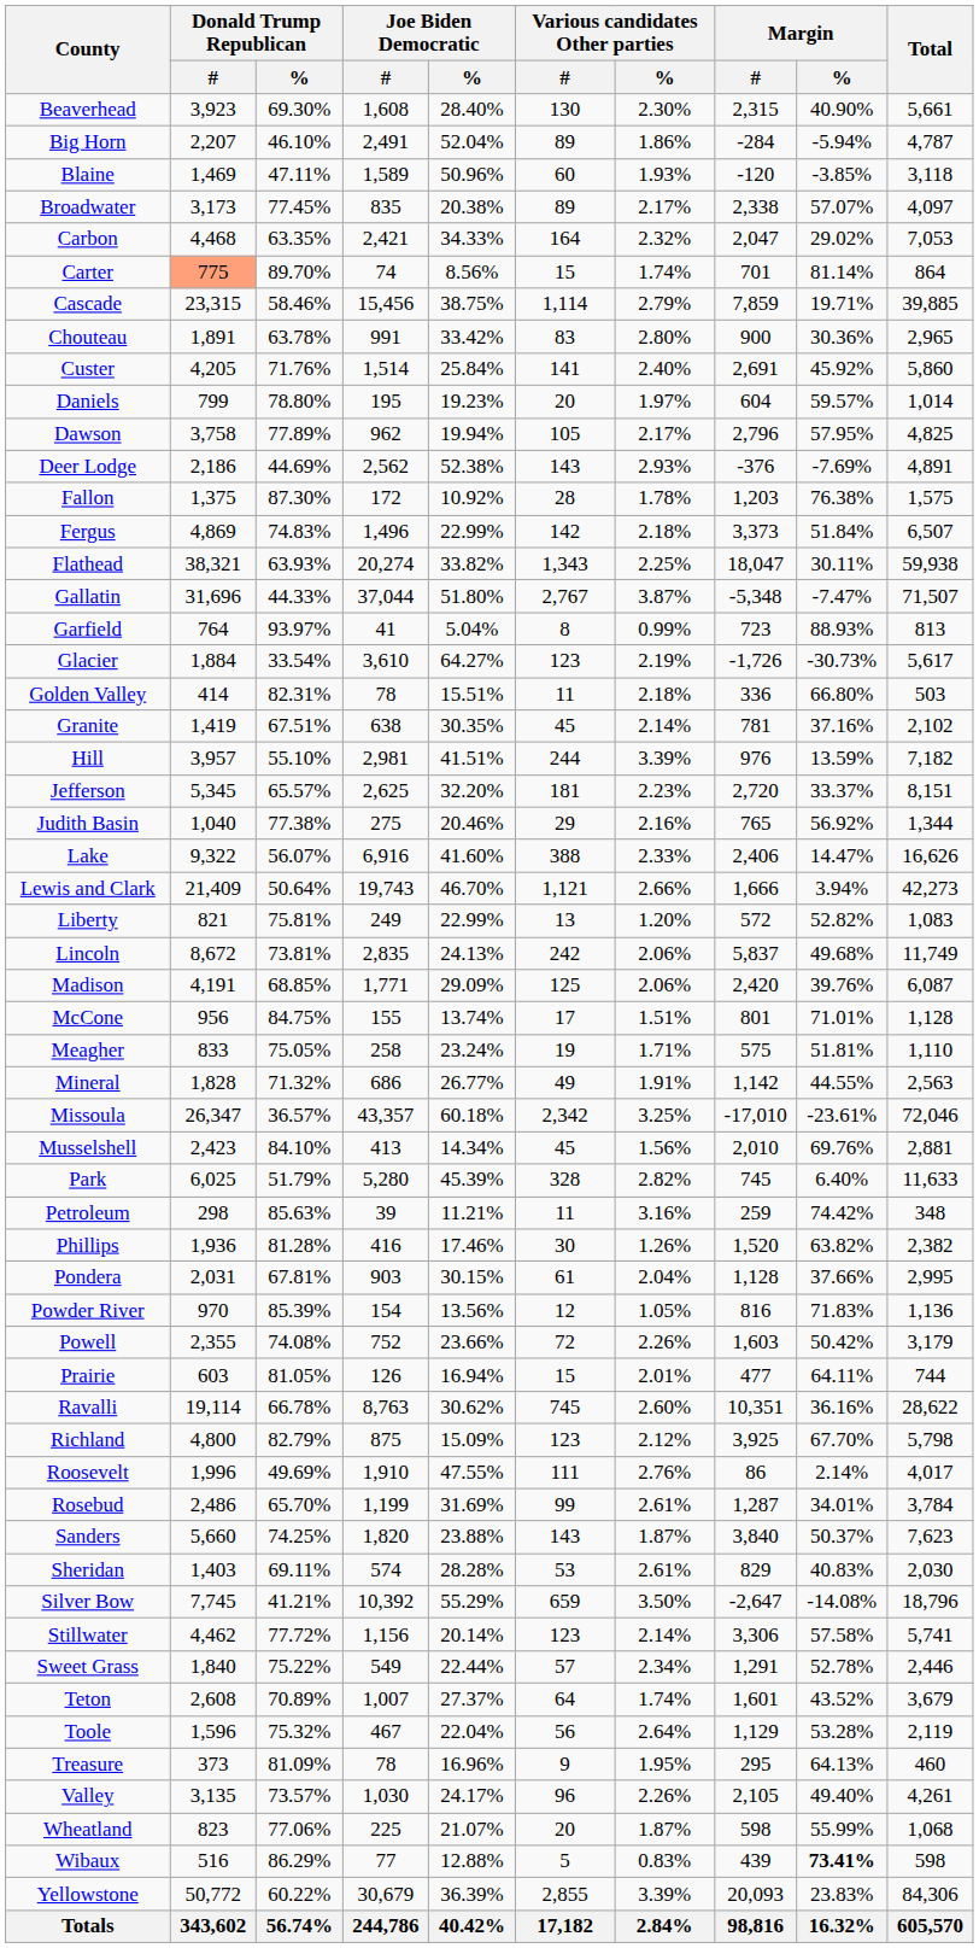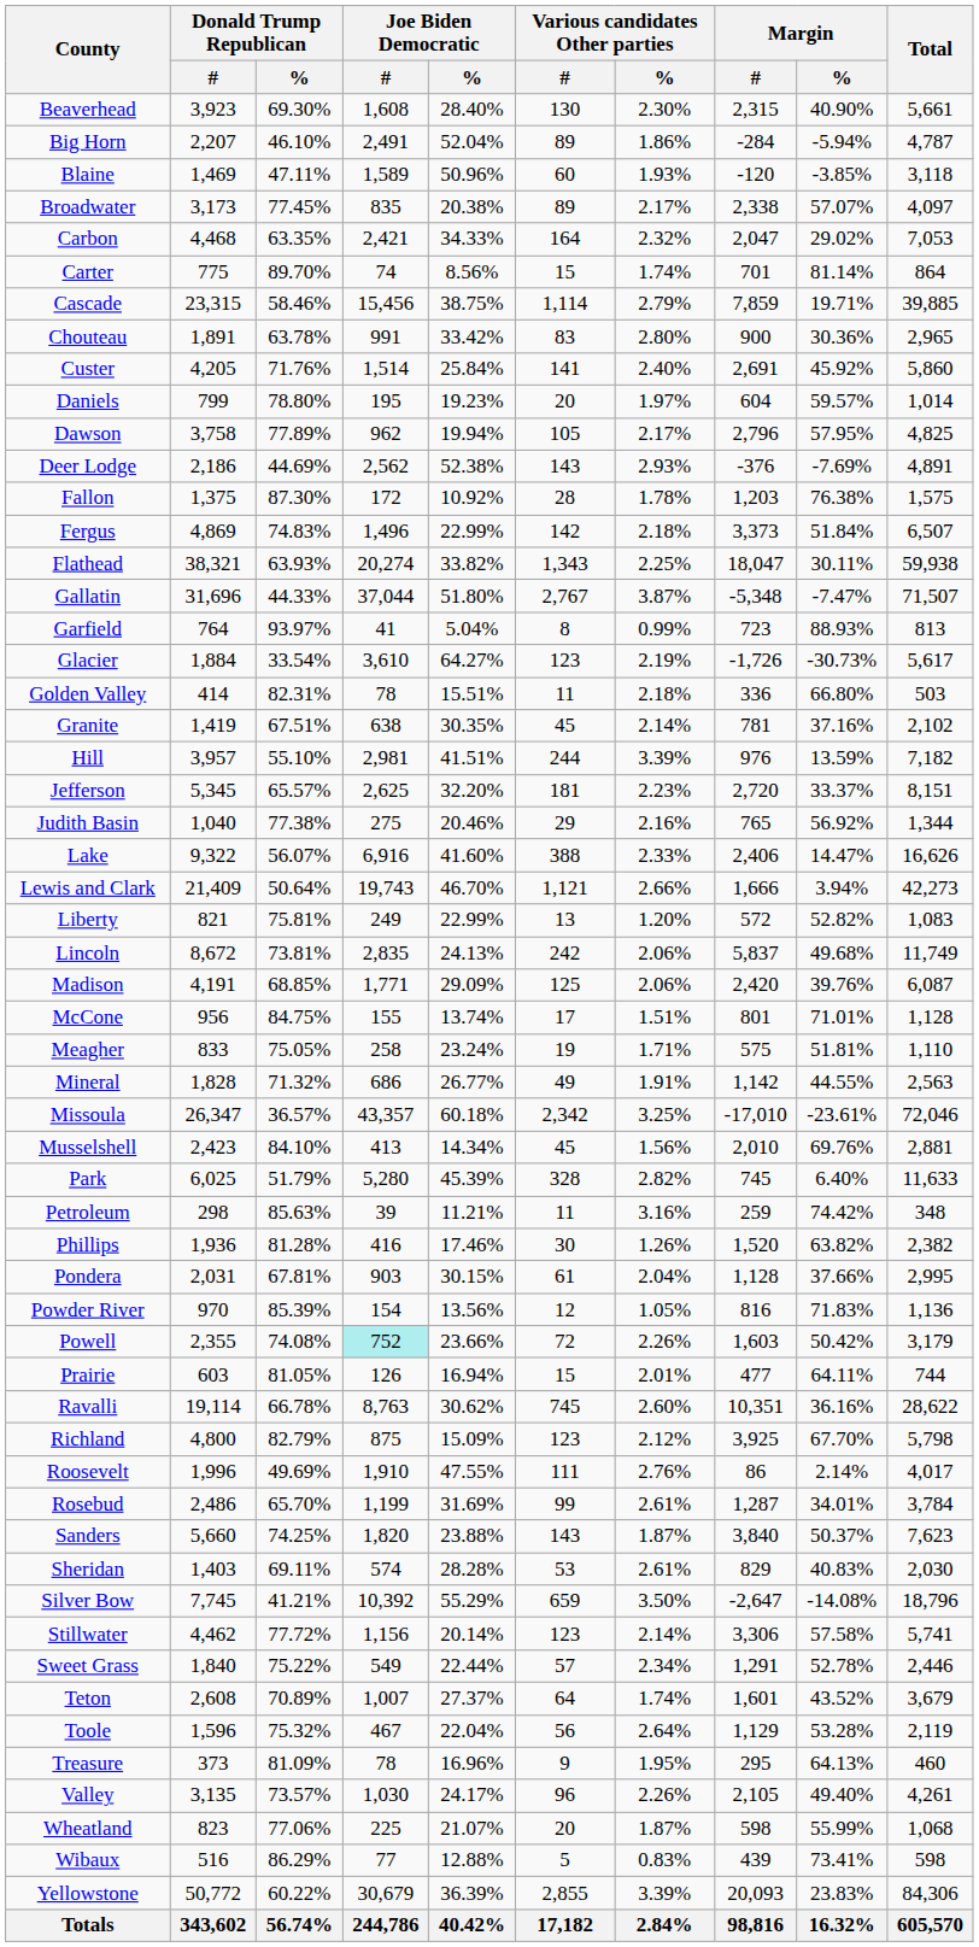 <table width="60%" class="wikitable sortable">
 <tr>
 <th rowspan="2">County</th>
 <th colspan="2">Donald Trump<br>Republican</th>
 <th colspan="2">Joe Biden<br>Democratic</th>
 <th colspan="2">Various candidates<br>Other parties</th>
 <th colspan="2">Margin</th>
 <th rowspan="2">Total</th>
 </tr>
 <tr>
 <th style="text-align:center;" data-sort-type="number">#</th>
 <th style="text-align:center;" data-sort-type="number">%</th>
 <th style="text-align:center;" data-sort-type="number">#</th>
 <th style="text-align:center;" data-sort-type="number">%</th>
 <th style="text-align:center;" data-sort-type="number">#</th>
 <th style="text-align:center;" data-sort-type="number">%</th>
 <th style="text-align:center;" data-sort-type="number">#</th>
 <th style="text-align:center;" data-sort-type="number">%</th>
 </tr>
 <tr style="text-align:center;">
 <td><a href='#'>Beaverhead</a></td>
 <td>3,923</td>
 <td>69.30%</td>
 <td>1,608</td>
 <td>28.40%</td>
 <td>130</td>
 <td>2.30%</td>
 <td>2,315</td>
 <td>40.90%</td>
 <td>5,661</td>
 </tr>
 <tr style="text-align:center;">
 <td><a href='#'>Big Horn</a></td>
 <td>2,207</td>
 <td>46.10%</td>
 <td>2,491</td>
 <td>52.04%</td>
 <td>89</td>
 <td>1.86%</td>
 <td>-284</td>
 <td>-5.94%</td>
 <td>4,787</td>
 </tr>
 <tr style="text-align:center;">
 <td><a href='#'>Blaine</a></td>
 <td>1,469</td>
 <td>47.11%</td>
 <td>1,589</td>
 <td>50.96%</td>
 <td>60</td>
 <td>1.93%</td>
 <td>-120</td>
 <td>-3.85%</td>
 <td>3,118</td>
 </tr>
 <tr style="text-align:center;">
 <td><a href='#'>Broadwater</a></td>
 <td>3,173</td>
 <td>77.45%</td>
 <td>835</td>
 <td>20.38%</td>
 <td>89</td>
 <td>2.17%</td>
 <td>2,338</td>
 <td>57.07%</td>
 <td>4,097</td>
 </tr>
 <tr style="text-align:center;">
 <td><a href='#'>Carbon</a></td>
 <td>4,468</td>
 <td>63.35%</td>
 <td>2,421</td>
 <td>34.33%</td>
 <td>164</td>
 <td>2.32%</td>
 <td>2,047</td>
 <td>29.02%</td>
 <td>7,053</td>
 </tr>
 <tr style="text-align:center;">
 <td><a href='#'>Carter</a></td>
-<td style="background: lightsalmon;">775</td>
+<td>775</td>
 <td>89.70%</td>
 <td>74</td>
 <td>8.56%</td>
 <td>15</td>
 <td>1.74%</td>
 <td>701</td>
 <td>81.14%</td>
 <td>864</td>
 </tr>
 <tr style="text-align:center;">
 <td><a href='#'>Cascade</a></td>
 <td>23,315</td>
 <td>58.46%</td>
 <td>15,456</td>
 <td>38.75%</td>
 <td>1,114</td>
 <td>2.79%</td>
 <td>7,859</td>
 <td>19.71%</td>
 <td>39,885</td>
 </tr>
 <tr style="text-align:center;">
 <td><a href='#'>Chouteau</a></td>
 <td>1,891</td>
 <td>63.78%</td>
 <td>991</td>
 <td>33.42%</td>
 <td>83</td>
 <td>2.80%</td>
 <td>900</td>
 <td>30.36%</td>
 <td>2,965</td>
 </tr>
 <tr style="text-align:center;">
 <td><a href='#'>Custer</a></td>
 <td>4,205</td>
 <td>71.76%</td>
 <td>1,514</td>
 <td>25.84%</td>
 <td>141</td>
 <td>2.40%</td>
 <td>2,691</td>
 <td>45.92%</td>
 <td>5,860</td>
 </tr>
 <tr style="text-align:center;">
 <td><a href='#'>Daniels</a></td>
 <td>799</td>
 <td>78.80%</td>
 <td>195</td>
 <td>19.23%</td>
 <td>20</td>
 <td>1.97%</td>
 <td>604</td>
 <td>59.57%</td>
 <td>1,014</td>
 </tr>
 <tr style="text-align:center;">
 <td><a href='#'>Dawson</a></td>
 <td>3,758</td>
 <td>77.89%</td>
 <td>962</td>
 <td>19.94%</td>
 <td>105</td>
 <td>2.17%</td>
 <td>2,796</td>
 <td>57.95%</td>
 <td>4,825</td>
 </tr>
 <tr style="text-align:center;">
 <td><a href='#'>Deer Lodge</a></td>
 <td>2,186</td>
 <td>44.69%</td>
 <td>2,562</td>
 <td>52.38%</td>
 <td>143</td>
 <td>2.93%</td>
 <td>-376</td>
 <td>-7.69%</td>
 <td>4,891</td>
 </tr>
 <tr style="text-align:center;">
 <td><a href='#'>Fallon</a></td>
 <td>1,375</td>
 <td>87.30%</td>
 <td>172</td>
 <td>10.92%</td>
 <td>28</td>
 <td>1.78%</td>
 <td>1,203</td>
 <td>76.38%</td>
 <td>1,575</td>
 </tr>
 <tr style="text-align:center;">
 <td><a href='#'>Fergus</a></td>
 <td>4,869</td>
 <td>74.83%</td>
 <td>1,496</td>
 <td>22.99%</td>
 <td>142</td>
 <td>2.18%</td>
 <td>3,373</td>
 <td>51.84%</td>
 <td>6,507</td>
 </tr>
 <tr style="text-align:center;">
 <td><a href='#'>Flathead</a></td>
 <td>38,321</td>
 <td>63.93%</td>
 <td>20,274</td>
 <td>33.82%</td>
 <td>1,343</td>
 <td>2.25%</td>
 <td>18,047</td>
 <td>30.11%</td>
 <td>59,938</td>
 </tr>
 <tr style="text-align:center;">
 <td><a href='#'>Gallatin</a></td>
 <td>31,696</td>
 <td>44.33%</td>
 <td>37,044</td>
 <td>51.80%</td>
 <td>2,767</td>
 <td>3.87%</td>
 <td>-5,348</td>
 <td>-7.47%</td>
 <td>71,507</td>
 </tr>
 <tr style="text-align:center;">
 <td><a href='#'>Garfield</a></td>
 <td>764</td>
 <td>93.97%</td>
 <td>41</td>
 <td>5.04%</td>
 <td>8</td>
 <td>0.99%</td>
 <td>723</td>
 <td>88.93%</td>
 <td>813</td>
 </tr>
 <tr style="text-align:center;">
 <td><a href='#'>Glacier</a></td>
 <td>1,884</td>
 <td>33.54%</td>
 <td>3,610</td>
 <td>64.27%</td>
 <td>123</td>
 <td>2.19%</td>
 <td>-1,726</td>
 <td>-30.73%</td>
 <td>5,617</td>
 </tr>
 <tr style="text-align:center;">
 <td><a href='#'>Golden Valley</a></td>
 <td>414</td>
 <td>82.31%</td>
 <td>78</td>
 <td>15.51%</td>
 <td>11</td>
 <td>2.18%</td>
 <td>336</td>
 <td>66.80%</td>
 <td>503</td>
 </tr>
 <tr style="text-align:center;">
 <td><a href='#'>Granite</a></td>
 <td>1,419</td>
 <td>67.51%</td>
 <td>638</td>
 <td>30.35%</td>
 <td>45</td>
 <td>2.14%</td>
 <td>781</td>
 <td>37.16%</td>
 <td>2,102</td>
 </tr>
 <tr style="text-align:center;">
 <td><a href='#'>Hill</a></td>
 <td>3,957</td>
 <td>55.10%</td>
 <td>2,981</td>
 <td>41.51%</td>
 <td>244</td>
 <td>3.39%</td>
 <td>976</td>
 <td>13.59%</td>
 <td>7,182</td>
 </tr>
 <tr style="text-align:center;">
 <td><a href='#'>Jefferson</a></td>
 <td>5,345</td>
 <td>65.57%</td>
 <td>2,625</td>
 <td>32.20%</td>
 <td>181</td>
 <td>2.23%</td>
 <td>2,720</td>
 <td>33.37%</td>
 <td>8,151</td>
 </tr>
 <tr style="text-align:center;">
 <td><a href='#'>Judith Basin</a></td>
 <td>1,040</td>
 <td>77.38%</td>
 <td>275</td>
 <td>20.46%</td>
 <td>29</td>
 <td>2.16%</td>
 <td>765</td>
 <td>56.92%</td>
 <td>1,344</td>
 </tr>
 <tr style="text-align:center;">
 <td><a href='#'>Lake</a></td>
 <td>9,322</td>
 <td>56.07%</td>
 <td>6,916</td>
 <td>41.60%</td>
 <td>388</td>
 <td>2.33%</td>
 <td>2,406</td>
 <td>14.47%</td>
 <td>16,626</td>
 </tr>
 <tr style="text-align:center;">
 <td><a href='#'>Lewis and Clark</a></td>
 <td>21,409</td>
 <td>50.64%</td>
 <td>19,743</td>
 <td>46.70%</td>
 <td>1,121</td>
 <td>2.66%</td>
 <td>1,666</td>
 <td>3.94%</td>
 <td>42,273</td>
 </tr>
 <tr style="text-align:center;">
 <td><a href='#'>Liberty</a></td>
 <td>821</td>
 <td>75.81%</td>
 <td>249</td>
 <td>22.99%</td>
 <td>13</td>
 <td>1.20%</td>
 <td>572</td>
 <td>52.82%</td>
 <td>1,083</td>
 </tr>
 <tr style="text-align:center;">
 <td><a href='#'>Lincoln</a></td>
 <td>8,672</td>
 <td>73.81%</td>
 <td>2,835</td>
 <td>24.13%</td>
 <td>242</td>
 <td>2.06%</td>
 <td>5,837</td>
 <td>49.68%</td>
 <td>11,749</td>
 </tr>
 <tr style="text-align:center;">
 <td><a href='#'>Madison</a></td>
 <td>4,191</td>
 <td>68.85%</td>
 <td>1,771</td>
 <td>29.09%</td>
 <td>125</td>
 <td>2.06%</td>
 <td>2,420</td>
 <td>39.76%</td>
 <td>6,087</td>
 </tr>
 <tr style="text-align:center;">
 <td><a href='#'>McCone</a></td>
 <td>956</td>
 <td>84.75%</td>
 <td>155</td>
 <td>13.74%</td>
 <td>17</td>
 <td>1.51%</td>
 <td>801</td>
 <td>71.01%</td>
 <td>1,128</td>
 </tr>
 <tr style="text-align:center;">
 <td><a href='#'>Meagher</a></td>
 <td>833</td>
 <td>75.05%</td>
 <td>258</td>
 <td>23.24%</td>
 <td>19</td>
 <td>1.71%</td>
 <td>575</td>
 <td>51.81%</td>
 <td>1,110</td>
 </tr>
 <tr style="text-align:center;">
 <td><a href='#'>Mineral</a></td>
 <td>1,828</td>
 <td>71.32%</td>
 <td>686</td>
 <td>26.77%</td>
 <td>49</td>
 <td>1.91%</td>
 <td>1,142</td>
 <td>44.55%</td>
 <td>2,563</td>
 </tr>
 <tr style="text-align:center;">
 <td><a href='#'>Missoula</a></td>
 <td>26,347</td>
 <td>36.57%</td>
 <td>43,357</td>
 <td>60.18%</td>
 <td>2,342</td>
 <td>3.25%</td>
 <td>-17,010</td>
 <td>-23.61%</td>
 <td>72,046</td>
 </tr>
 <tr style="text-align:center;">
 <td><a href='#'>Musselshell</a></td>
 <td>2,423</td>
 <td>84.10%</td>
 <td>413</td>
 <td>14.34%</td>
 <td>45</td>
 <td>1.56%</td>
 <td>2,010</td>
 <td>69.76%</td>
 <td>2,881</td>
 </tr>
 <tr style="text-align:center;">
 <td><a href='#'>Park</a></td>
 <td>6,025</td>
 <td>51.79%</td>
 <td>5,280</td>
 <td>45.39%</td>
 <td>328</td>
 <td>2.82%</td>
 <td>745</td>
 <td>6.40%</td>
 <td>11,633</td>
 </tr>
 <tr style="text-align:center;">
 <td><a href='#'>Petroleum</a></td>
 <td>298</td>
 <td>85.63%</td>
 <td>39</td>
 <td>11.21%</td>
 <td>11</td>
 <td>3.16%</td>
 <td>259</td>
 <td>74.42%</td>
 <td>348</td>
 </tr>
 <tr style="text-align:center;">
 <td><a href='#'>Phillips</a></td>
 <td>1,936</td>
 <td>81.28%</td>
 <td>416</td>
 <td>17.46%</td>
 <td>30</td>
 <td>1.26%</td>
 <td>1,520</td>
 <td>63.82%</td>
 <td>2,382</td>
 </tr>
 <tr style="text-align:center;">
 <td><a href='#'>Pondera</a></td>
 <td>2,031</td>
 <td>67.81%</td>
 <td>903</td>
 <td>30.15%</td>
 <td>61</td>
 <td>2.04%</td>
 <td>1,128</td>
 <td>37.66%</td>
 <td>2,995</td>
 </tr>
 <tr style="text-align:center;">
 <td><a href='#'>Powder River</a></td>
 <td>970</td>
 <td>85.39%</td>
 <td>154</td>
 <td>13.56%</td>
 <td>12</td>
 <td>1.05%</td>
 <td>816</td>
 <td>71.83%</td>
 <td>1,136</td>
 </tr>
 <tr style="text-align:center;">
 <td><a href='#'>Powell</a></td>
 <td>2,355</td>
 <td>74.08%</td>
-<td>752</td>
+<td style="background: paleturquoise;">752</td>
 <td>23.66%</td>
 <td>72</td>
 <td>2.26%</td>
 <td>1,603</td>
 <td>50.42%</td>
 <td>3,179</td>
 </tr>
 <tr style="text-align:center;">
 <td><a href='#'>Prairie</a></td>
 <td>603</td>
 <td>81.05%</td>
 <td>126</td>
 <td>16.94%</td>
 <td>15</td>
 <td>2.01%</td>
 <td>477</td>
 <td>64.11%</td>
 <td>744</td>
 </tr>
 <tr style="text-align:center;">
 <td><a href='#'>Ravalli</a></td>
 <td>19,114</td>
 <td>66.78%</td>
 <td>8,763</td>
 <td>30.62%</td>
 <td>745</td>
 <td>2.60%</td>
 <td>10,351</td>
 <td>36.16%</td>
 <td>28,622</td>
 </tr>
 <tr style="text-align:center;">
 <td><a href='#'>Richland</a></td>
 <td>4,800</td>
 <td>82.79%</td>
 <td>875</td>
 <td>15.09%</td>
 <td>123</td>
 <td>2.12%</td>
 <td>3,925</td>
 <td>67.70%</td>
 <td>5,798</td>
 </tr>
 <tr style="text-align:center;">
 <td><a href='#'>Roosevelt</a></td>
 <td>1,996</td>
 <td>49.69%</td>
 <td>1,910</td>
 <td>47.55%</td>
 <td>111</td>
 <td>2.76%</td>
 <td>86</td>
 <td>2.14%</td>
 <td>4,017</td>
 </tr>
 <tr style="text-align:center;">
 <td><a href='#'>Rosebud</a></td>
 <td>2,486</td>
 <td>65.70%</td>
 <td>1,199</td>
 <td>31.69%</td>
 <td>99</td>
 <td>2.61%</td>
 <td>1,287</td>
 <td>34.01%</td>
 <td>3,784</td>
 </tr>
 <tr style="text-align:center;">
 <td><a href='#'>Sanders</a></td>
 <td>5,660</td>
 <td>74.25%</td>
 <td>1,820</td>
 <td>23.88%</td>
 <td>143</td>
 <td>1.87%</td>
 <td>3,840</td>
 <td>50.37%</td>
 <td>7,623</td>
 </tr>
 <tr style="text-align:center;">
 <td><a href='#'>Sheridan</a></td>
 <td>1,403</td>
 <td>69.11%</td>
 <td>574</td>
 <td>28.28%</td>
 <td>53</td>
 <td>2.61%</td>
 <td>829</td>
 <td>40.83%</td>
 <td>2,030</td>
 </tr>
 <tr style="text-align:center;">
 <td><a href='#'>Silver Bow</a></td>
 <td>7,745</td>
 <td>41.21%</td>
 <td>10,392</td>
 <td>55.29%</td>
 <td>659</td>
 <td>3.50%</td>
 <td>-2,647</td>
 <td>-14.08%</td>
 <td>18,796</td>
 </tr>
 <tr style="text-align:center;">
 <td><a href='#'>Stillwater</a></td>
 <td>4,462</td>
 <td>77.72%</td>
 <td>1,156</td>
 <td>20.14%</td>
 <td>123</td>
 <td>2.14%</td>
 <td>3,306</td>
 <td>57.58%</td>
 <td>5,741</td>
 </tr>
 <tr style="text-align:center;">
 <td><a href='#'>Sweet Grass</a></td>
 <td>1,840</td>
 <td>75.22%</td>
 <td>549</td>
 <td>22.44%</td>
 <td>57</td>
 <td>2.34%</td>
 <td>1,291</td>
 <td>52.78%</td>
 <td>2,446</td>
 </tr>
 <tr style="text-align:center;">
 <td><a href='#'>Teton</a></td>
 <td>2,608</td>
 <td>70.89%</td>
 <td>1,007</td>
 <td>27.37%</td>
 <td>64</td>
 <td>1.74%</td>
 <td>1,601</td>
 <td>43.52%</td>
 <td>3,679</td>
 </tr>
 <tr style="text-align:center;">
 <td><a href='#'>Toole</a></td>
 <td>1,596</td>
 <td>75.32%</td>
 <td>467</td>
 <td>22.04%</td>
 <td>56</td>
 <td>2.64%</td>
 <td>1,129</td>
 <td>53.28%</td>
 <td>2,119</td>
 </tr>
 <tr style="text-align:center;">
 <td><a href='#'>Treasure</a></td>
 <td>373</td>
 <td>81.09%</td>
 <td>78</td>
 <td>16.96%</td>
 <td>9</td>
 <td>1.95%</td>
 <td>295</td>
 <td>64.13%</td>
 <td>460</td>
 </tr>
 <tr style="text-align:center;">
 <td><a href='#'>Valley</a></td>
 <td>3,135</td>
 <td>73.57%</td>
 <td>1,030</td>
 <td>24.17%</td>
 <td>96</td>
 <td>2.26%</td>
 <td>2,105</td>
 <td>49.40%</td>
 <td>4,261</td>
 </tr>
 <tr style="text-align:center;">
 <td><a href='#'>Wheatland</a></td>
 <td>823</td>
 <td>77.06%</td>
 <td>225</td>
 <td>21.07%</td>
 <td>20</td>
 <td>1.87%</td>
 <td>598</td>
 <td>55.99%</td>
 <td>1,068</td>
 </tr>
 <tr style="text-align:center;">
 <td><a href='#'>Wibaux</a></td>
 <td>516</td>
 <td>86.29%</td>
 <td>77</td>
 <td>12.88%</td>
 <td>5</td>
 <td>0.83%</td>
 <td>439</td>
-<td><strong>73.41%</strong></td>
+<td>73.41%</td>
 <td>598</td>
 </tr>
 <tr style="text-align:center;">
 <td><a href='#'>Yellowstone</a></td>
 <td>50,772</td>
 <td>60.22%</td>
 <td>30,679</td>
 <td>36.39%</td>
 <td>2,855</td>
 <td>3.39%</td>
 <td>20,093</td>
 <td>23.83%</td>
 <td>84,306</td>
 </tr>
 <tr>
 <th>Totals</th>
 <th>343,602</th>
 <th>56.74%</th>
 <th>244,786</th>
 <th>40.42%</th>
 <th>17,182</th>
 <th>2.84%</th>
 <th>98,816</th>
 <th>16.32%</th>
 <th>605,570</th>
 </tr>
 </table>
